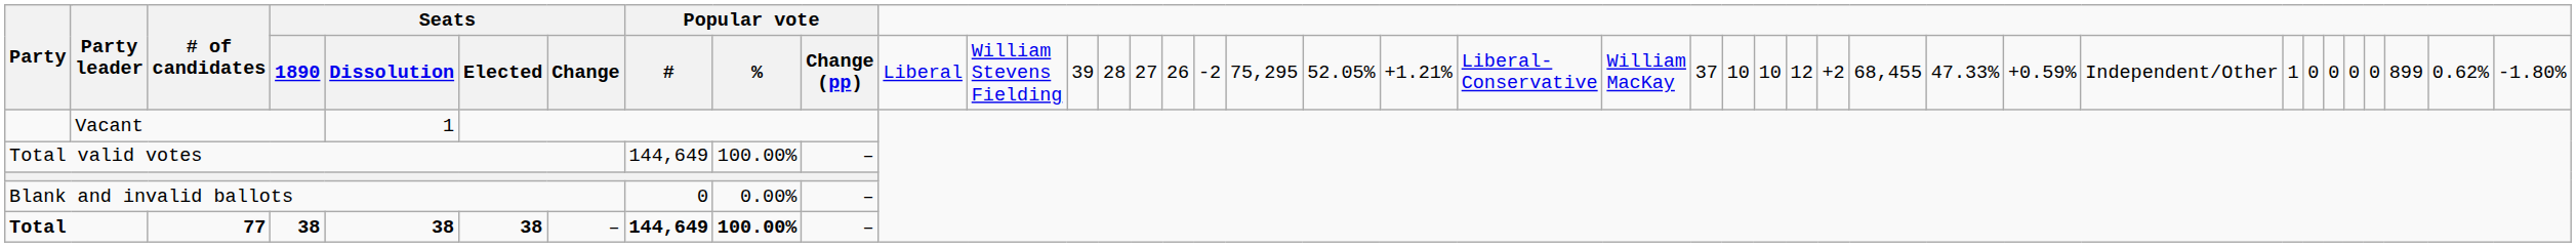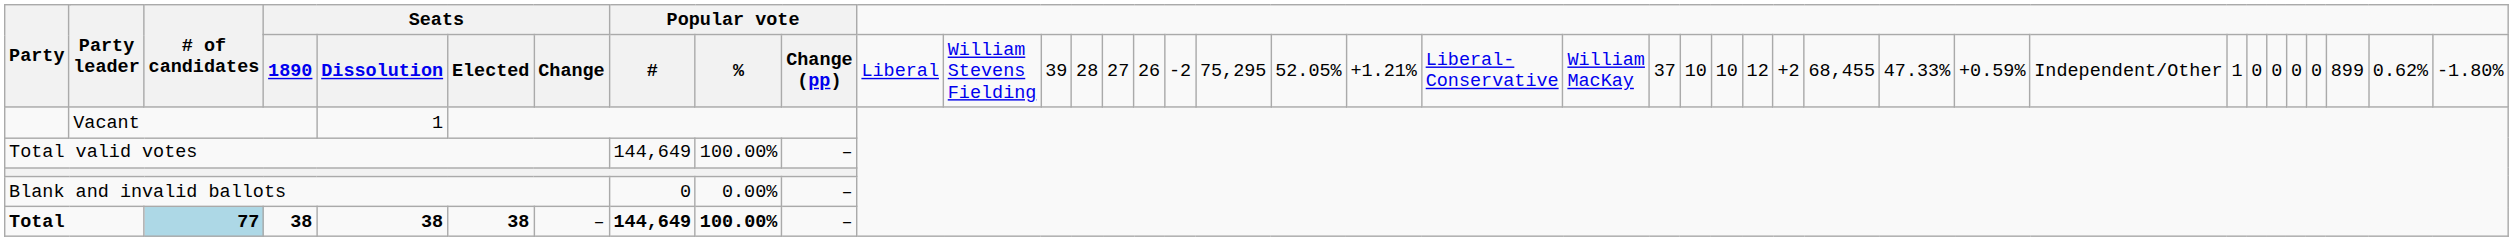 <table class="wikitable">
 <tr>
 <th rowspan="2" colspan="2">Party</th>
 <th rowspan="2">Party leader</th>
 <th rowspan="2"># of<br>candidates</th>
 <th colspan="4">Seats</th>
 <th colspan="3">Popular vote</th>
 </tr>
 <tr>
 <th><a href='#'>1890</a></th>
 <th><span><a href='#'>Dissolution</a></span></th>
 <th>Elected</th>
 <th>Change</th>
 <th>#</th>
 <th>%</th>
 <th>Change (<a href='#'>pp</a>)<br></th>
 <td><a href='#'>Liberal</a></td>
 <td><a href='#'>William Stevens Fielding</a></td>
 <td align="right">39</td>
 <td align="right">28</td>
 <td align="right">27</td>
 <td align="right">26</td>
 <td align="right">-2</td>
 <td align="right">75,295</td>
 <td align="right">52.05%</td>
 <td align="right">+1.21%<br></td>
 <td><a href='#'>Liberal-Conservative</a></td>
 <td><a href='#'>William MacKay</a></td>
 <td align="right">37</td>
 <td align="right">10</td>
 <td align="right">10</td>
 <td align="right">12</td>
 <td align="right">+2</td>
 <td align="right">68,455</td>
 <td align="right">47.33%</td>
 <td align="right">+0.59%<br></td>
 <td colspan=2>Independent/Other</td>
 <td align="right">1</td>
 <td align="right">0</td>
 <td align="right">0</td>
 <td align="right">0</td>
 <td align="right">0</td>
 <td align="right">899</td>
 <td align="right">0.62%</td>
 <td align="right">-1.80%</td>
 </tr>
 <tr>
 <td> </td>
 <td colspan=4>Vacant</td>
 <td align="right">1</td>
 <td colspan=5> </td>
 </tr>
 <tr>
 <td colspan="8">Total valid votes</td>
 <td align="right">144,649</td>
 <td align="right">100.00%</td>
 <td align="right">–</td>
 </tr>
 <tr>
 <th colspan="11"></th>
 </tr>
 <tr>
 <td colspan="8">Blank and invalid ballots</td>
 <td align="right">0</td>
 <td align="right">0.00%</td>
 <td align="right">–</td>
 </tr>
 <tr>
 <td colspan=3><strong>Total</strong></td>
-<td align="right"><strong>77</strong></td>
+<td align="right" style="background: lightblue;"><strong>77</strong></td>
 <td align="right"><strong>38</strong></td>
 <td align="right"><strong>38</strong></td>
 <td align="right"><strong>38</strong></td>
 <td align="right">–</td>
 <td align="right"><strong>144,649</strong></td>
 <td align="right"><strong>100.00%</strong></td>
 <td align="right">–</td>
 </tr>
 </table>
